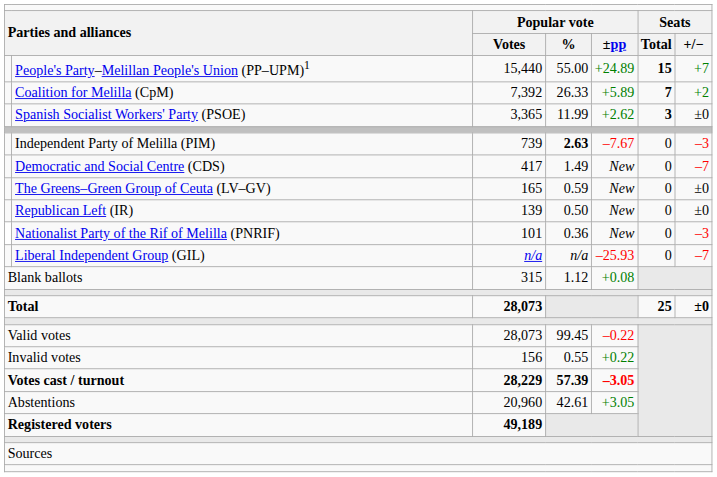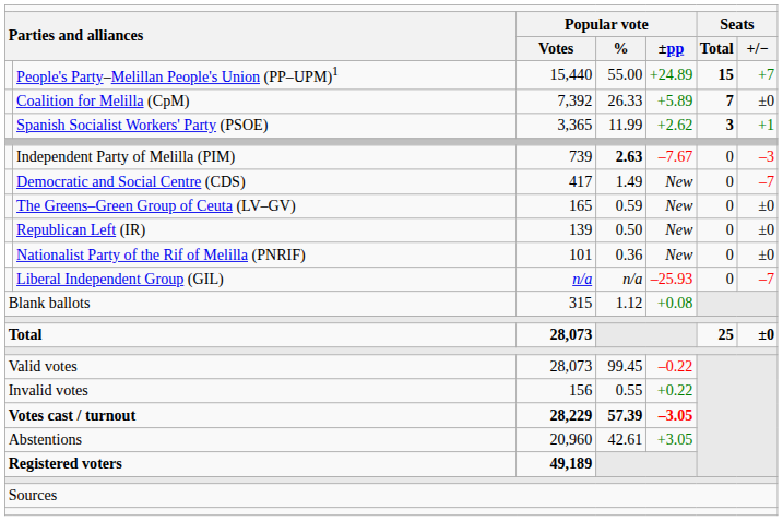 <table class="wikitable" style="text-align:right;">
 <tr>
 <td colspan="7"></td>
 </tr>
 <tr>
 <th style="text-align:left;" rowspan="2" colspan="2" width="525">Parties and alliances</th>
 <th colspan="3">Popular vote</th>
 <th colspan="2">Seats</th>
 </tr>
 <tr>
 <th width="75">Votes</th>
 <th width="45">%</th>
 <th width="45">±<a href='#'>pp</a></th>
 <th width="35">Total</th>
 <th width="35">+/−</th>
 </tr>
 <tr>
 <td width="1" style="color:inherit;background:"></td>
 <td align="left"><a href='#'>People's Party</a>–<a href='#'>Melillan People's Union</a> (PP–UPM)<sup>1</sup></td>
 <td>15,440</td>
 <td>55.00</td>
 <td style="color:green;">+24.89</td>
 <td><strong>15</strong></td>
 <td style="color:green;">+7</td>
 </tr>
 <tr>
 <td style="color:inherit;background:"></td>
 <td align="left"><a href='#'>Coalition for Melilla</a> (CpM)</td>
 <td>7,392</td>
 <td>26.33</td>
 <td style="color:green;">+5.89</td>
 <td><strong>7</strong></td>
-<td style="color:green;">+2</td>
+<td>±0</td>
 </tr>
 <tr>
 <td style="color:inherit;background:"></td>
 <td align="left"><a href='#'>Spanish Socialist Workers' Party</a> (PSOE)</td>
 <td>3,365</td>
 <td>11.99</td>
 <td style="color:green;">+2.62</td>
 <td><strong>3</strong></td>
-<td>±0</td>
+<td style="color:green;">+1</td>
 </tr>
 <tr>
 <td colspan="7" bgcolor="#C0C0C0"></td>
 </tr>
 <tr>
 <td style="color:inherit;background:"></td>
 <td align="left">Independent Party of Melilla (PIM)</td>
 <td>739</td>
 <td><strong>2.63</strong></td>
 <td style="color:red;">–7.67</td>
 <td>0</td>
 <td style="color:red;">–3</td>
 </tr>
 <tr>
 <td style="color:inherit;background:"></td>
 <td align="left"><a href='#'>Democratic and Social Centre</a> (CDS)</td>
 <td>417</td>
 <td>1.49</td>
 <td><em>New</em></td>
 <td>0</td>
 <td style="color:red;">–7</td>
 </tr>
 <tr>
 <td style="color:inherit;background:"></td>
 <td align="left"><a href='#'>The Greens–Green Group of Ceuta</a> (LV–GV)</td>
 <td>165</td>
 <td>0.59</td>
 <td><em>New</em></td>
 <td>0</td>
 <td>±0</td>
 </tr>
 <tr>
 <td style="color:inherit;background:"></td>
 <td align="left"><a href='#'>Republican Left</a> (IR)</td>
 <td>139</td>
 <td>0.50</td>
 <td><em>New</em></td>
 <td>0</td>
 <td>±0</td>
 </tr>
 <tr>
 <td bgcolor="white"></td>
 <td align="left"><a href='#'>Nationalist Party of the Rif of Melilla</a> (PNRIF)</td>
 <td>101</td>
 <td>0.36</td>
 <td><em>New</em></td>
 <td>0</td>
-<td style="color:red;">–3</td>
+<td>±0</td>
 </tr>
 <tr>
 <td style="color:inherit;background:"></td>
 <td align="left"><a href='#'>Liberal Independent Group</a> (GIL)</td>
 <td><em><a href='#'>n/a</a></em></td>
 <td><em>n/a</em></td>
 <td style="color:red;">–25.93</td>
 <td>0</td>
 <td style="color:red;">–7</td>
 </tr>
 <tr>
 <td align="left" colspan="2">Blank ballots</td>
 <td>315</td>
 <td>1.12</td>
 <td style="color:green;">+0.08</td>
 <td bgcolor="#E9E9E9" colspan="2"></td>
 </tr>
 <tr>
 <td colspan="7" bgcolor="#E9E9E9"></td>
 </tr>
 <tr style="font-weight:bold;">
 <td align="left" colspan="2">Total</td>
 <td>28,073</td>
 <td bgcolor="#E9E9E9" colspan="2"></td>
 <td>25</td>
 <td>±0</td>
 </tr>
 <tr>
 <td colspan="7" bgcolor="#E9E9E9"></td>
 </tr>
 <tr>
 <td align="left" colspan="2">Valid votes</td>
 <td>28,073</td>
 <td>99.45</td>
 <td style="color:red;">–0.22</td>
 <td bgcolor="#E9E9E9" colspan="2" rowspan="5"></td>
 </tr>
 <tr>
 <td align="left" colspan="2">Invalid votes</td>
 <td>156</td>
 <td>0.55</td>
 <td style="color:green;">+0.22</td>
 </tr>
 <tr style="font-weight:bold;">
 <td align="left" colspan="2">Votes cast / turnout</td>
 <td>28,229</td>
 <td>57.39</td>
 <td style="color:red;">–3.05</td>
 </tr>
 <tr>
 <td align="left" colspan="2">Abstentions</td>
 <td>20,960</td>
 <td>42.61</td>
 <td style="color:green;">+3.05</td>
 </tr>
 <tr style="font-weight:bold;">
 <td align="left" colspan="2">Registered voters</td>
 <td>49,189</td>
 <td bgcolor="#E9E9E9" colspan="2"></td>
 </tr>
 <tr>
 <td colspan="7" bgcolor="#E9E9E9"></td>
 </tr>
 <tr>
 <td align="left" colspan="7">Sources</td>
 </tr>
 <tr>
 <td colspan="7" style="text-align:left; max-width:790px;"></td>
 </tr>
 </table>
